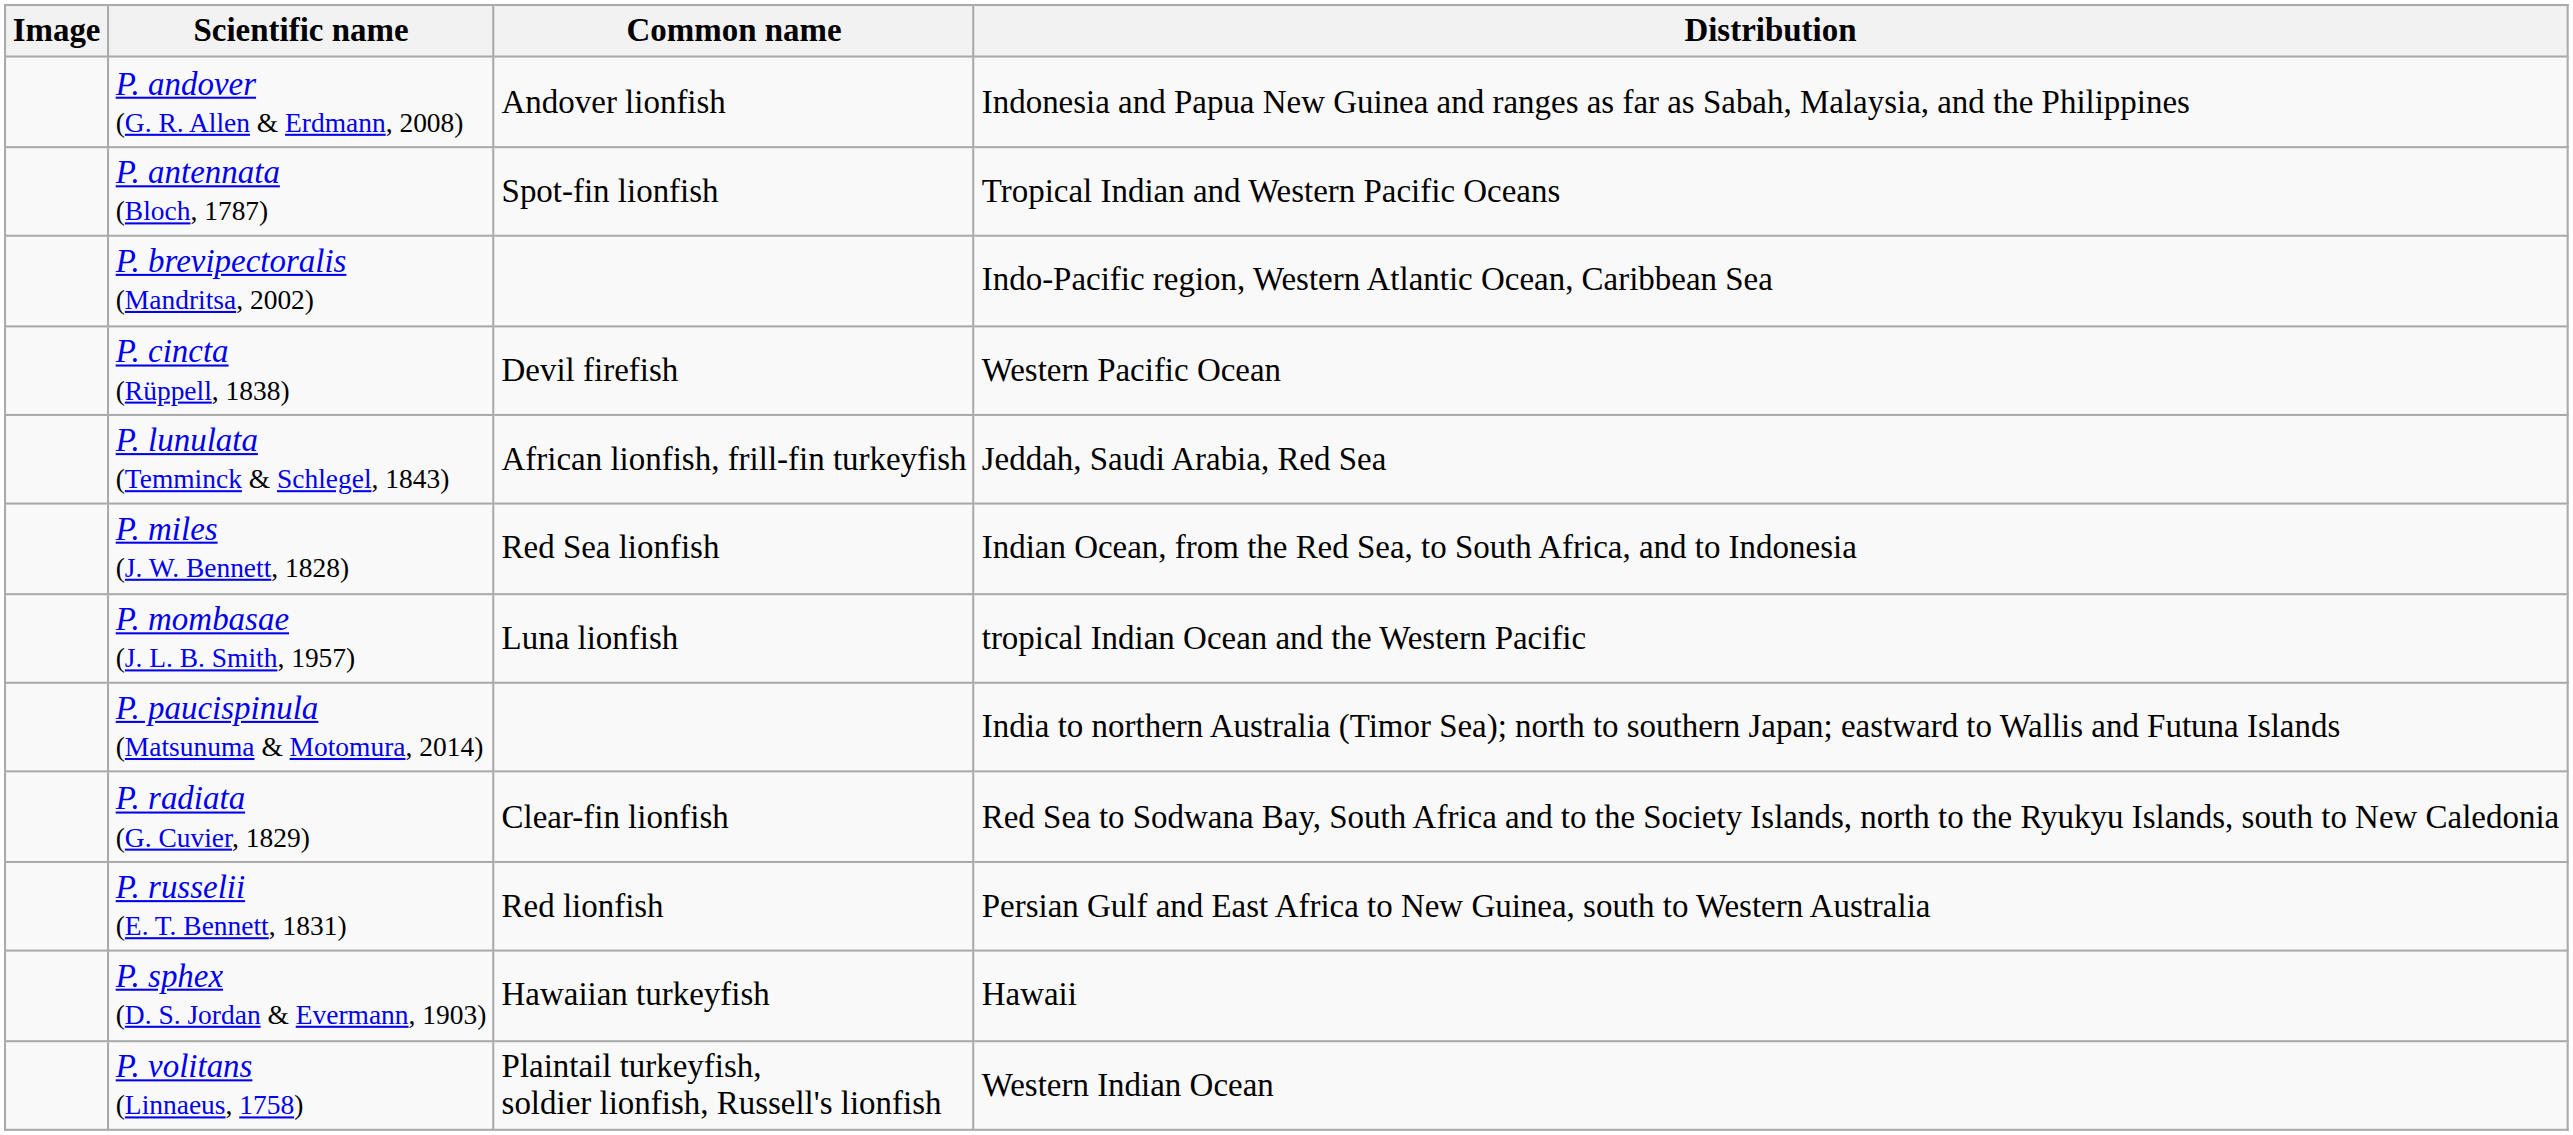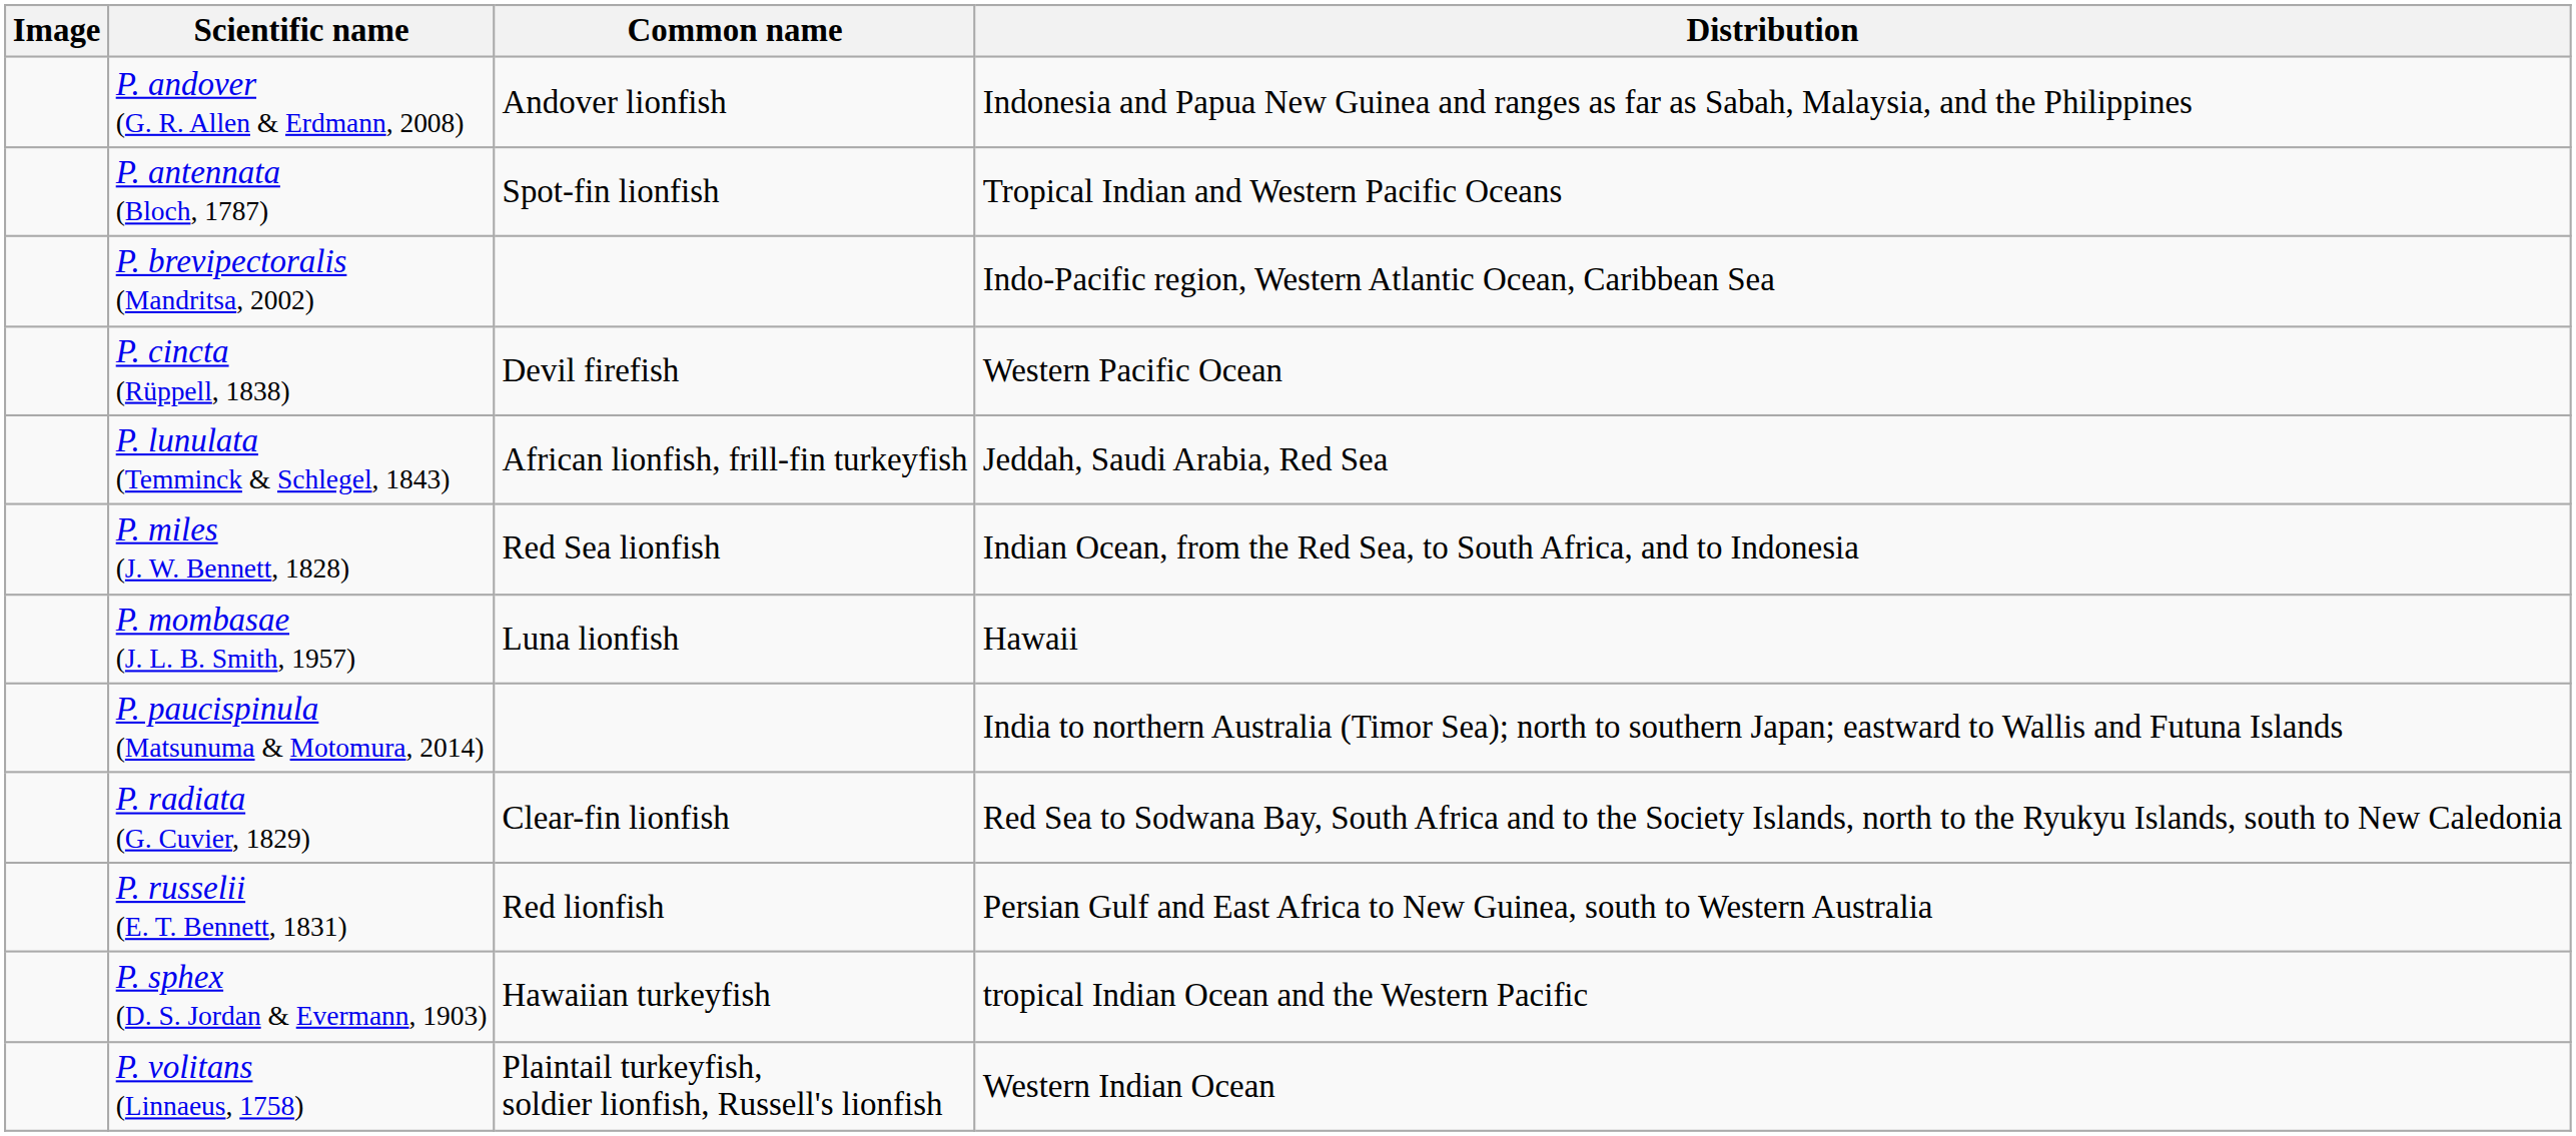 <table class="wikitable">
 <tr>
 <th>Image</th>
 <th>Scientific name</th>
 <th>Common name</th>
 <th>Distribution</th>
 </tr>
 <tr>
 <td></td>
 <td><em><a href='#'>P. andover</a></em><br><small>(<a href='#'>G. R. Allen</a> & <a href='#'>Erdmann</a>, 2008)</small></td>
 <td>Andover lionfish</td>
 <td>Indonesia and Papua New Guinea and ranges as far as Sabah, Malaysia, and the Philippines</td>
 </tr>
 <tr>
 <td></td>
 <td><em><a href='#'>P. antennata</a></em><br><small>(<a href='#'>Bloch</a>, 1787)</small></td>
 <td>Spot-fin lionfish</td>
 <td>Tropical Indian and Western Pacific Oceans</td>
 </tr>
 <tr>
 <td></td>
 <td><em><a href='#'>P. brevipectoralis</a></em><br><small>(<a href='#'>Mandritsa</a>, 2002)</small></td>
 <td></td>
 <td>Indo-Pacific region, Western Atlantic Ocean, Caribbean Sea</td>
 </tr>
 <tr>
 <td></td>
 <td><em><a href='#'>P. cincta</a></em><br><small>(<a href='#'>Rüppell</a>, 1838)</small></td>
 <td>Devil firefish</td>
 <td>Western Pacific Ocean</td>
 </tr>
 <tr>
 <td></td>
 <td><em><a href='#'>P. lunulata</a></em><br><small>(<a href='#'>Temminck</a> & <a href='#'>Schlegel</a>, 1843)</small></td>
 <td>African lionfish, frill-fin turkeyfish</td>
 <td>Jeddah, Saudi Arabia, Red Sea</td>
 </tr>
 <tr>
 <td></td>
 <td><em><a href='#'>P. miles</a></em><br><small>(<a href='#'>J. W. Bennett</a>, 1828)</small></td>
 <td>Red Sea lionfish</td>
 <td>Indian Ocean, from the Red Sea, to South Africa, and to Indonesia</td>
 </tr>
 <tr>
 <td></td>
 <td><em><a href='#'>P. mombasae</a></em><br><small>(<a href='#'>J. L. B. Smith</a>, 1957)</small></td>
 <td>Luna lionfish</td>
-<td>tropical Indian Ocean and the Western Pacific</td>
+<td>Hawaii</td>
 </tr>
 <tr>
 <td></td>
 <td><em><a href='#'>P. paucispinula</a></em><br><small>(<a href='#'>Matsunuma</a> & <a href='#'>Motomura</a>, 2014)</small></td>
 <td></td>
 <td>India to northern Australia (Timor Sea); north to southern Japan; eastward to Wallis and Futuna Islands</td>
 </tr>
 <tr>
 <td></td>
 <td><em><a href='#'>P. radiata</a></em><br><small>(<a href='#'>G. Cuvier</a>, 1829)</small></td>
 <td>Clear-fin lionfish</td>
 <td>Red Sea to Sodwana Bay, South Africa and to the Society Islands, north to the Ryukyu Islands, south to New Caledonia</td>
 </tr>
 <tr>
 <td></td>
 <td><em><a href='#'>P. russelii</a></em><br><small>(<a href='#'>E. T. Bennett</a>, 1831)</small></td>
 <td>Red lionfish</td>
 <td>Persian Gulf and East Africa to New Guinea, south to Western Australia</td>
 </tr>
 <tr>
 <td></td>
 <td><em><a href='#'>P. sphex</a></em><br><small>(<a href='#'>D. S. Jordan</a> & <a href='#'>Evermann</a>, 1903)</small></td>
 <td>Hawaiian turkeyfish</td>
-<td>Hawaii</td>
+<td>tropical Indian Ocean and the Western Pacific</td>
 </tr>
 <tr>
 <td></td>
 <td><em><a href='#'>P. volitans</a></em><br><small>(<a href='#'>Linnaeus</a>, <a href='#'>1758</a>)</small></td>
 <td>Plaintail turkeyfish,<br>soldier lionfish, Russell's lionfish</td>
 <td>Western Indian Ocean</td>
 </tr>
 </table>
